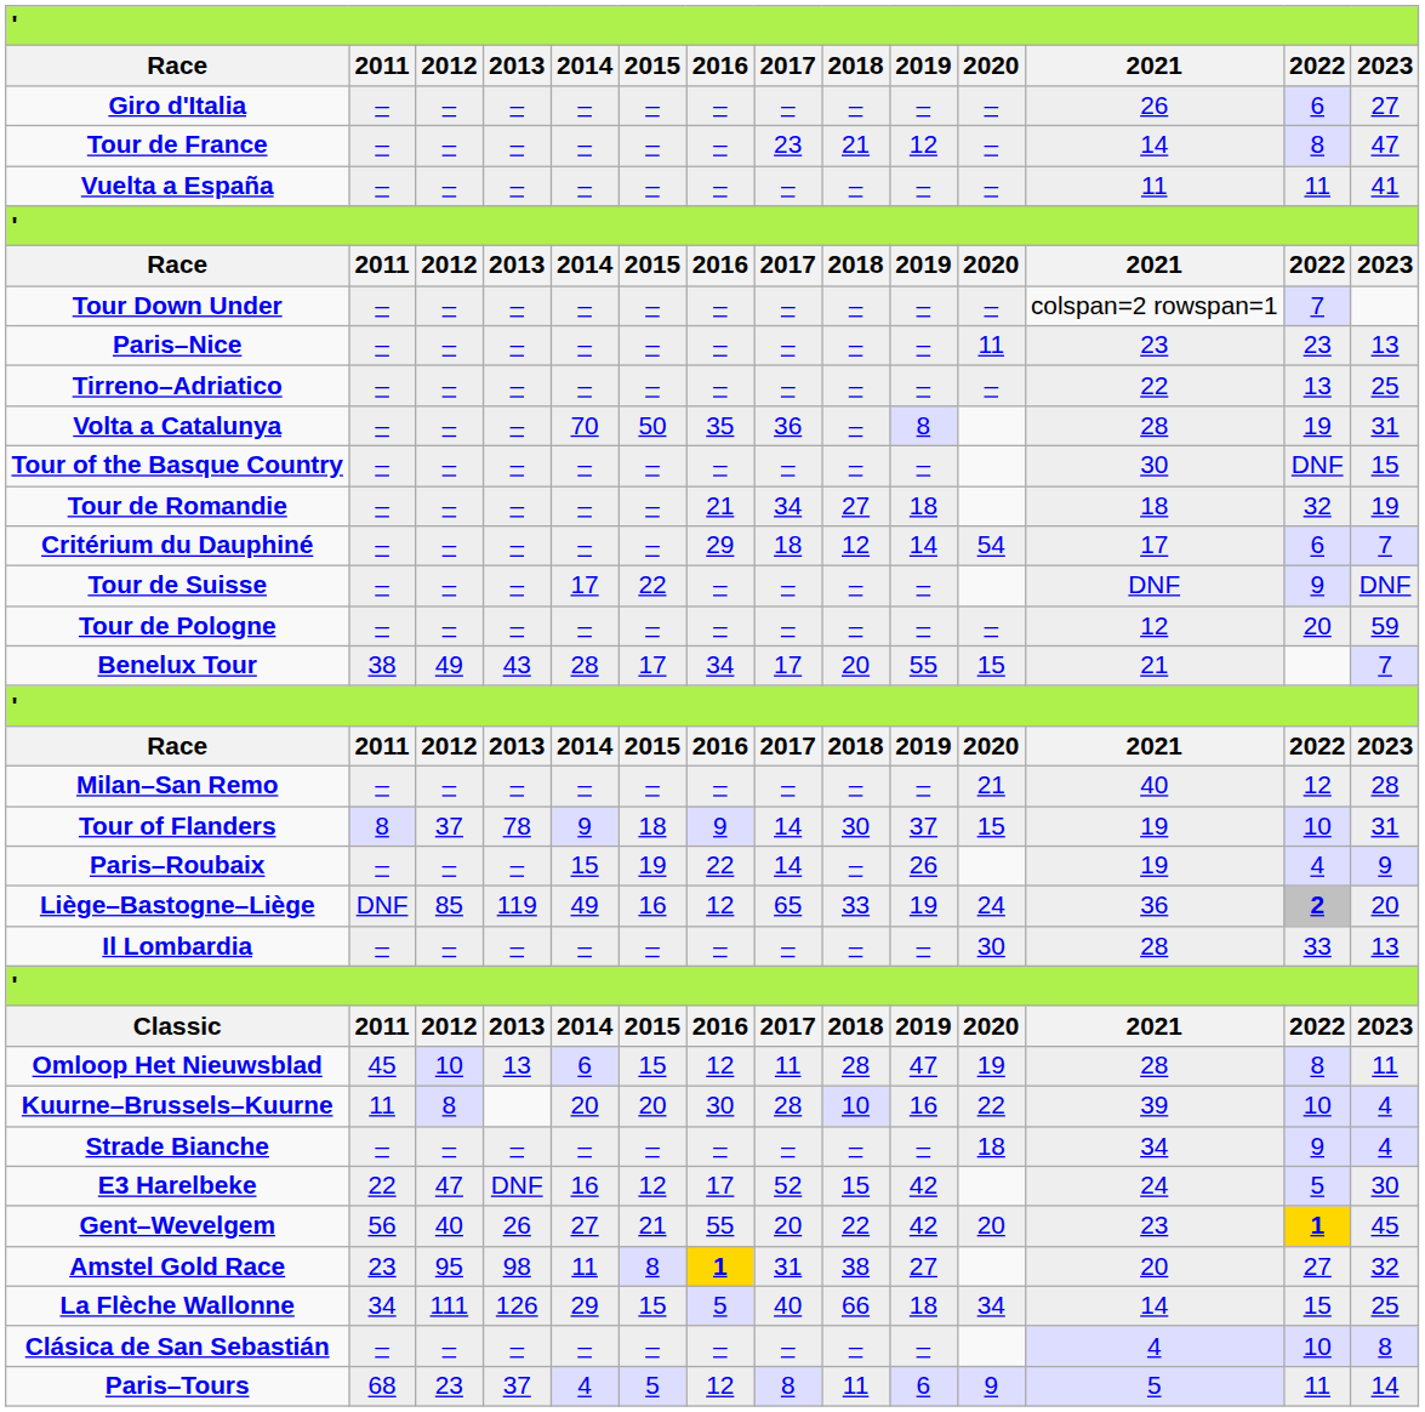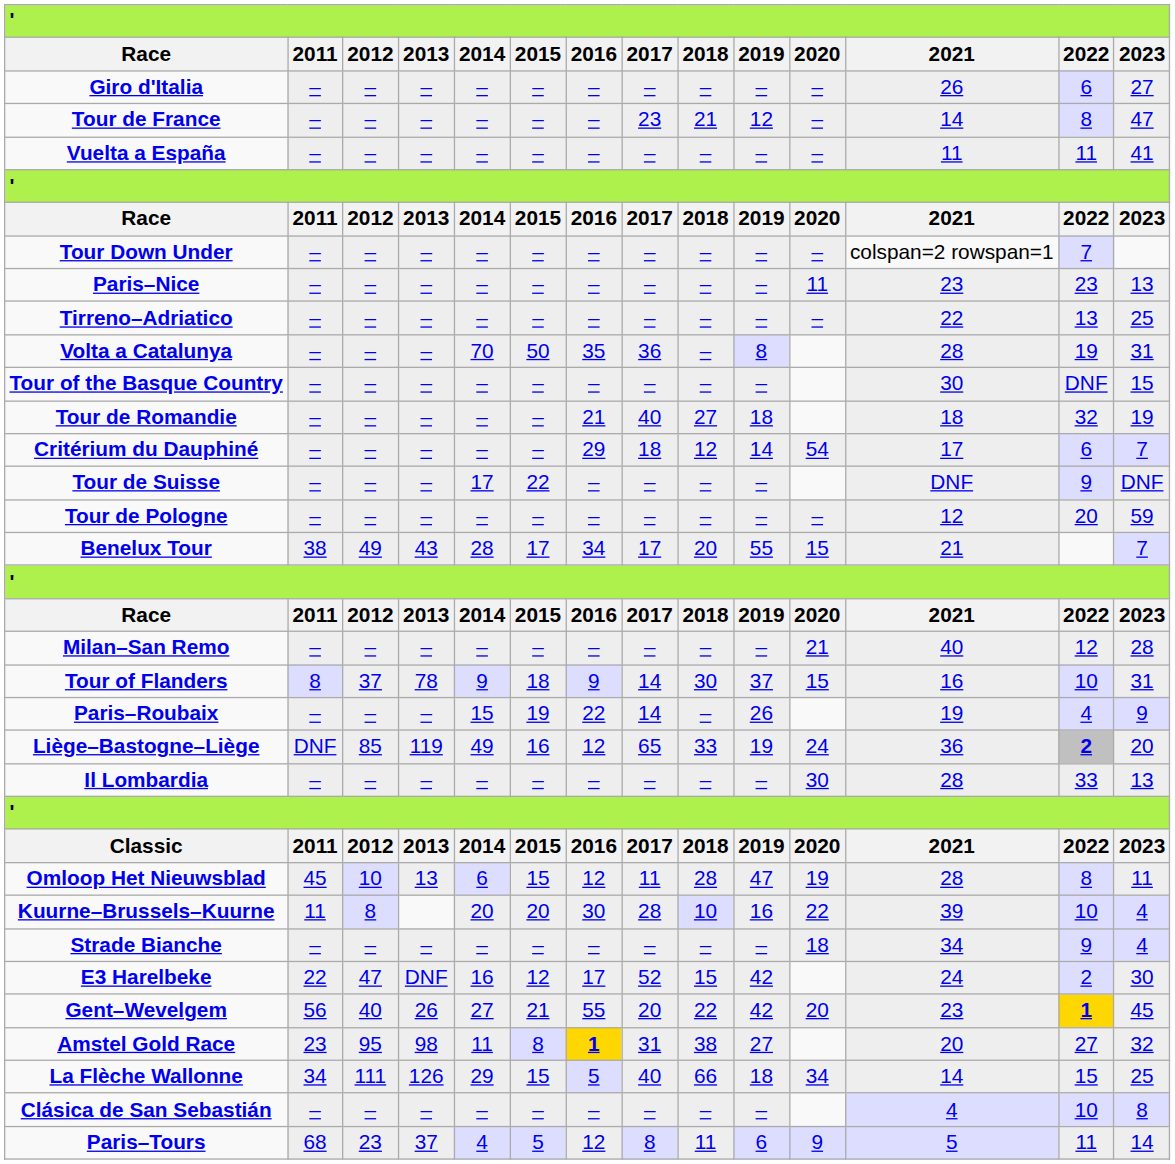 <table class="wikitable">
 <tr style="background:#eee;">
 <td style="background:#aff14c;" colspan=15><strong>'</strong></td>
 </tr>
 <tr>
 <th>Race</th>
 <th>2011</th>
 <th>2012</th>
 <th>2013</th>
 <th>2014</th>
 <th>2015</th>
 <th>2016</th>
 <th>2017</th>
 <th>2018</th>
 <th>2019</th>
 <th>2020</th>
 <th>2021</th>
 <th>2022</th>
 <th>2023</th>
 </tr>
 <tr align="center">
 <td><strong><a href='#'>Giro d'Italia</a></strong></td>
 <td style="background:#eee;"><a href='#'>–</a></td>
 <td style="background:#eee;"><a href='#'>–</a></td>
 <td style="background:#eee;"><a href='#'>–</a></td>
 <td style="background:#eee;"><a href='#'>–</a></td>
 <td style="background:#eee;"><a href='#'>–</a></td>
 <td style="background:#eee;"><a href='#'>–</a></td>
 <td style="background:#eee;"><a href='#'>–</a></td>
 <td style="background:#eee;"><a href='#'>–</a></td>
 <td style="background:#eee;"><a href='#'>–</a></td>
 <td style="background:#eee;"><a href='#'>–</a></td>
 <td style="background:#eee;"><a href='#'>26</a></td>
 <td style="background:#ddf;"><a href='#'>6</a></td>
 <td style="background:#eee;"><a href='#'>27</a></td>
 </tr>
 <tr align="center">
 <td><strong><a href='#'>Tour de France</a></strong></td>
 <td style="background:#eee;"><a href='#'>–</a></td>
 <td style="background:#eee;"><a href='#'>–</a></td>
 <td style="background:#eee;"><a href='#'>–</a></td>
 <td style="background:#eee;"><a href='#'>–</a></td>
 <td style="background:#eee;"><a href='#'>–</a></td>
 <td style="background:#eee;"><a href='#'>–</a></td>
 <td style="background:#eee;"><a href='#'>23</a></td>
 <td style="background:#eee;"><a href='#'>21</a></td>
 <td style="background:#eee;"><a href='#'>12</a></td>
 <td style="background:#eee;"><a href='#'>–</a></td>
 <td style="background:#eee;"><a href='#'>14</a></td>
 <td style="background:#ddf;"><a href='#'>8</a></td>
 <td style="background:#eee;"><a href='#'>47</a></td>
 </tr>
 <tr align="center">
 <td><strong><a href='#'>Vuelta a España</a></strong></td>
 <td style="background:#eee;"><a href='#'>–</a></td>
 <td style="background:#eee;"><a href='#'>–</a></td>
 <td style="background:#eee;"><a href='#'>–</a></td>
 <td style="background:#eee;"><a href='#'>–</a></td>
 <td style="background:#eee;"><a href='#'>–</a></td>
 <td style="background:#eee;"><a href='#'>–</a></td>
 <td style="background:#eee;"><a href='#'>–</a></td>
 <td style="background:#eee;"><a href='#'>–</a></td>
 <td style="background:#eee;"><a href='#'>–</a></td>
 <td style="background:#eee;"><a href='#'>–</a></td>
 <td style="background:#eee;"><a href='#'>11</a></td>
 <td style="background:#eee;"><a href='#'>11</a></td>
 <td style="background:#eee;"><a href='#'>41</a></td>
 </tr>
 <tr>
 <td style="background:#aff14c;" colspan=15><strong>'</strong></td>
 </tr>
 <tr>
 <th>Race</th>
 <th>2011</th>
 <th>2012</th>
 <th>2013</th>
 <th>2014</th>
 <th>2015</th>
 <th>2016</th>
 <th>2017</th>
 <th>2018</th>
 <th>2019</th>
 <th>2020</th>
 <th>2021</th>
 <th>2022</th>
 <th>2023</th>
 </tr>
 <tr align="center">
 <td><strong><a href='#'>Tour Down Under</a></strong></td>
 <td style="background:#eee;"><a href='#'>–</a></td>
 <td style="background:#eee;"><a href='#'>–</a></td>
 <td style="background:#eee;"><a href='#'>–</a></td>
 <td style="background:#eee;"><a href='#'>–</a></td>
 <td style="background:#eee;"><a href='#'>–</a></td>
 <td style="background:#eee;"><a href='#'>–</a></td>
 <td style="background:#eee;"><a href='#'>–</a></td>
 <td style="background:#eee;"><a href='#'>–</a></td>
 <td style="background:#eee;"><a href='#'>–</a></td>
 <td style="background:#eee;"><a href='#'>–</a></td>
 <td>colspan=2 rowspan=1 </td>
 <td style="background:#ddf;"><a href='#'>7</a></td>
 </tr>
 <tr align="center">
 <td><strong><a href='#'>Paris–Nice</a></strong></td>
 <td style="background:#eee;"><a href='#'>–</a></td>
 <td style="background:#eee;"><a href='#'>–</a></td>
 <td style="background:#eee;"><a href='#'>–</a></td>
 <td style="background:#eee;"><a href='#'>–</a></td>
 <td style="background:#eee;"><a href='#'>–</a></td>
 <td style="background:#eee;"><a href='#'>–</a></td>
 <td style="background:#eee;"><a href='#'>–</a></td>
 <td style="background:#eee;"><a href='#'>–</a></td>
 <td style="background:#eee;"><a href='#'>–</a></td>
 <td style="background:#eee;"><a href='#'>11</a></td>
 <td style="background:#eee;"><a href='#'>23</a></td>
 <td style="background:#eee;"><a href='#'>23</a></td>
 <td style="background:#eee;"><a href='#'>13</a></td>
 </tr>
 <tr align="center">
 <td><strong><a href='#'>Tirreno–Adriatico</a></strong></td>
 <td style="background:#eee;"><a href='#'>–</a></td>
 <td style="background:#eee;"><a href='#'>–</a></td>
 <td style="background:#eee;"><a href='#'>–</a></td>
 <td style="background:#eee;"><a href='#'>–</a></td>
 <td style="background:#eee;"><a href='#'>–</a></td>
 <td style="background:#eee;"><a href='#'>–</a></td>
 <td style="background:#eee;"><a href='#'>–</a></td>
 <td style="background:#eee;"><a href='#'>–</a></td>
 <td style="background:#eee;"><a href='#'>–</a></td>
 <td style="background:#eee;"><a href='#'>–</a></td>
 <td style="background:#eee;"><a href='#'>22</a></td>
 <td style="background:#eee;"><a href='#'>13</a></td>
 <td style="background:#eee;"><a href='#'>25</a></td>
 </tr>
 <tr align="center">
 <td><strong><a href='#'>Volta a Catalunya</a></strong></td>
 <td style="background:#eee;"><a href='#'>–</a></td>
 <td style="background:#eee;"><a href='#'>–</a></td>
 <td style="background:#eee;"><a href='#'>–</a></td>
 <td style="background:#eee;"><a href='#'>70</a></td>
 <td style="background:#eee;"><a href='#'>50</a></td>
 <td style="background:#eee;"><a href='#'>35</a></td>
 <td style="background:#eee;"><a href='#'>36</a></td>
 <td style="background:#eee;"><a href='#'>–</a></td>
 <td style="background:#ddf;"><a href='#'>8</a></td>
 <td></td>
 <td style="background:#eee;"><a href='#'>28</a></td>
 <td style="background:#eee;"><a href='#'>19</a></td>
 <td style="background:#eee;"><a href='#'>31</a></td>
 </tr>
 <tr align="center">
 <td><strong><a href='#'>Tour of the Basque Country</a></strong></td>
 <td style="background:#eee;"><a href='#'>–</a></td>
 <td style="background:#eee;"><a href='#'>–</a></td>
 <td style="background:#eee;"><a href='#'>–</a></td>
 <td style="background:#eee;"><a href='#'>–</a></td>
 <td style="background:#eee;"><a href='#'>–</a></td>
 <td style="background:#eee;"><a href='#'>–</a></td>
 <td style="background:#eee;"><a href='#'>–</a></td>
 <td style="background:#eee;"><a href='#'>–</a></td>
 <td style="background:#eee;"><a href='#'>–</a></td>
 <td></td>
 <td style="background:#eee;"><a href='#'>30</a></td>
 <td style="background:#eee;"><a href='#'>DNF</a></td>
 <td style="background:#eee;"><a href='#'>15</a></td>
 </tr>
 <tr align="center">
 <td><strong><a href='#'>Tour de Romandie</a></strong></td>
 <td style="background:#eee;"><a href='#'>–</a></td>
 <td style="background:#eee;"><a href='#'>–</a></td>
 <td style="background:#eee;"><a href='#'>–</a></td>
 <td style="background:#eee;"><a href='#'>–</a></td>
 <td style="background:#eee;"><a href='#'>–</a></td>
 <td style="background:#eee;"><a href='#'>21</a></td>
-<td style="background:#eee;"><a href='#'>34</a></td>
+<td style="background:#eee;"><a href='#'>40</a></td>
 <td style="background:#eee;"><a href='#'>27</a></td>
 <td style="background:#eee;"><a href='#'>18</a></td>
 <td></td>
 <td style="background:#eee;"><a href='#'>18</a></td>
 <td style="background:#eee;"><a href='#'>32</a></td>
 <td style="background:#eee;"><a href='#'>19</a></td>
 </tr>
 <tr align="center">
 <td><strong><a href='#'>Critérium du Dauphiné</a></strong></td>
 <td style="background:#eee;"><a href='#'>–</a></td>
 <td style="background:#eee;"><a href='#'>–</a></td>
 <td style="background:#eee;"><a href='#'>–</a></td>
 <td style="background:#eee;"><a href='#'>–</a></td>
 <td style="background:#eee;"><a href='#'>–</a></td>
 <td style="background:#eee;"><a href='#'>29</a></td>
 <td style="background:#eee;"><a href='#'>18</a></td>
 <td style="background:#eee;"><a href='#'>12</a></td>
 <td style="background:#eee;"><a href='#'>14</a></td>
 <td style="background:#eee;"><a href='#'>54</a></td>
 <td style="background:#eee;"><a href='#'>17</a></td>
 <td style="background:#ddf;"><a href='#'>6</a></td>
 <td style="background:#ddf;"><a href='#'>7</a></td>
 </tr>
 <tr align="center">
 <td><strong><a href='#'>Tour de Suisse</a></strong></td>
 <td style="background:#eee;"><a href='#'>–</a></td>
 <td style="background:#eee;"><a href='#'>–</a></td>
 <td style="background:#eee;"><a href='#'>–</a></td>
 <td style="background:#eee;"><a href='#'>17</a></td>
 <td style="background:#eee;"><a href='#'>22</a></td>
 <td style="background:#eee;"><a href='#'>–</a></td>
 <td style="background:#eee;"><a href='#'>–</a></td>
 <td style="background:#eee;"><a href='#'>–</a></td>
 <td style="background:#eee;"><a href='#'>–</a></td>
 <td></td>
 <td style="background:#eee;"><a href='#'>DNF</a></td>
 <td style="background:#ddf;"><a href='#'>9</a></td>
 <td style="background:#eee;"><a href='#'>DNF</a></td>
 </tr>
 <tr align="center">
 <td><strong><a href='#'>Tour de Pologne</a></strong></td>
 <td style="background:#eee;"><a href='#'>–</a></td>
 <td style="background:#eee;"><a href='#'>–</a></td>
 <td style="background:#eee;"><a href='#'>–</a></td>
 <td style="background:#eee;"><a href='#'>–</a></td>
 <td style="background:#eee;"><a href='#'>–</a></td>
 <td style="background:#eee;"><a href='#'>–</a></td>
 <td style="background:#eee;"><a href='#'>–</a></td>
 <td style="background:#eee;"><a href='#'>–</a></td>
 <td style="background:#eee;"><a href='#'>–</a></td>
 <td style="background:#eee;"><a href='#'>–</a></td>
 <td style="background:#eee;"><a href='#'>12</a></td>
 <td style="background:#eee;"><a href='#'>20</a></td>
 <td style="background:#eee;"><a href='#'>59</a></td>
 </tr>
 <tr align="center">
 <td><strong><a href='#'>Benelux Tour</a></strong></td>
 <td style="background:#eee;"><a href='#'>38</a></td>
 <td style="background:#eee;"><a href='#'>49</a></td>
 <td style="background:#eee;"><a href='#'>43</a></td>
 <td style="background:#eee;"><a href='#'>28</a></td>
 <td style="background:#eee;"><a href='#'>17</a></td>
 <td style="background:#eee;"><a href='#'>34</a></td>
 <td style="background:#eee;"><a href='#'>17</a></td>
 <td style="background:#eee;"><a href='#'>20</a></td>
 <td style="background:#eee;"><a href='#'>55</a></td>
 <td style="background:#eee;"><a href='#'>15</a></td>
 <td style="background:#eee;"><a href='#'>21</a></td>
 <td></td>
 <td style="background:#ddf;"><a href='#'>7</a></td>
 </tr>
 <tr>
 <td style="background:#aff14c;" colspan=15><strong>'</strong></td>
 </tr>
 <tr>
 <th>Race</th>
 <th>2011</th>
 <th>2012</th>
 <th>2013</th>
 <th>2014</th>
 <th>2015</th>
 <th>2016</th>
 <th>2017</th>
 <th>2018</th>
 <th>2019</th>
 <th>2020</th>
 <th>2021</th>
 <th>2022</th>
 <th>2023</th>
 </tr>
 <tr align="center">
 <td><strong><a href='#'>Milan–San Remo</a></strong></td>
 <td style="background:#eee;"><a href='#'>–</a></td>
 <td style="background:#eee;"><a href='#'>–</a></td>
 <td style="background:#eee;"><a href='#'>–</a></td>
 <td style="background:#eee;"><a href='#'>–</a></td>
 <td style="background:#eee;"><a href='#'>–</a></td>
 <td style="background:#eee;"><a href='#'>–</a></td>
 <td style="background:#eee;"><a href='#'>–</a></td>
 <td style="background:#eee;"><a href='#'>–</a></td>
 <td style="background:#eee;"><a href='#'>–</a></td>
 <td style="background:#eee;"><a href='#'>21</a></td>
 <td style="background:#eee;"><a href='#'>40</a></td>
 <td style="background:#eee;"><a href='#'>12</a></td>
 <td style="background:#eee;"><a href='#'>28</a></td>
 </tr>
 <tr align="center">
 <td><strong><a href='#'>Tour of Flanders</a></strong></td>
 <td style="background:#ddf;"><a href='#'>8</a></td>
 <td style="background:#eee;"><a href='#'>37</a></td>
 <td style="background:#eee;"><a href='#'>78</a></td>
 <td style="background:#ddf;"><a href='#'>9</a></td>
 <td style="background:#eee;"><a href='#'>18</a></td>
 <td style="background:#ddf;"><a href='#'>9</a></td>
 <td style="background:#eee;"><a href='#'>14</a></td>
 <td style="background:#eee;"><a href='#'>30</a></td>
 <td style="background:#eee;"><a href='#'>37</a></td>
 <td style="background:#eee;"><a href='#'>15</a></td>
-<td style="background:#eee;"><a href='#'>19</a></td>
+<td style="background:#eee;"><a href='#'>16</a></td>
 <td style="background:#ddf;"><a href='#'>10</a></td>
 <td style="background:#eee;"><a href='#'>31</a></td>
 </tr>
 <tr align="center">
 <td><strong><a href='#'>Paris–Roubaix</a></strong></td>
 <td style="background:#eee;"><a href='#'>–</a></td>
 <td style="background:#eee;"><a href='#'>–</a></td>
 <td style="background:#eee;"><a href='#'>–</a></td>
 <td style="background:#eee;"><a href='#'>15</a></td>
 <td style="background:#eee;"><a href='#'>19</a></td>
 <td style="background:#eee;"><a href='#'>22</a></td>
 <td style="background:#eee;"><a href='#'>14</a></td>
 <td style="background:#eee;"><a href='#'>–</a></td>
 <td style="background:#eee;"><a href='#'>26</a></td>
 <td></td>
 <td style="background:#eee;"><a href='#'>19</a></td>
 <td style="background:#ddf;"><a href='#'>4</a></td>
 <td style="background:#ddf;"><a href='#'>9</a></td>
 </tr>
 <tr align="center">
 <td><strong><a href='#'>Liège–Bastogne–Liège</a></strong></td>
 <td style="background:#eee;"><a href='#'>DNF</a></td>
 <td style="background:#eee;"><a href='#'>85</a></td>
 <td style="background:#eee;"><a href='#'>119</a></td>
 <td style="background:#eee;"><a href='#'>49</a></td>
 <td style="background:#eee;"><a href='#'>16</a></td>
 <td style="background:#eee;"><a href='#'>12</a></td>
 <td style="background:#eee;"><a href='#'>65</a></td>
 <td style="background:#eee;"><a href='#'>33</a></td>
 <td style="background:#eee;"><a href='#'>19</a></td>
 <td style="background:#eee;"><a href='#'>24</a></td>
 <td style="background:#eee;"><a href='#'>36</a></td>
 <td style="background:silver;"><a href='#'><strong>2</strong></a></td>
 <td style="background:#eee;"><a href='#'>20</a></td>
 </tr>
 <tr align="center">
 <td><strong><a href='#'>Il Lombardia</a></strong></td>
 <td style="background:#eee;"><a href='#'>–</a></td>
 <td style="background:#eee;"><a href='#'>–</a></td>
 <td style="background:#eee;"><a href='#'>–</a></td>
 <td style="background:#eee;"><a href='#'>–</a></td>
 <td style="background:#eee;"><a href='#'>–</a></td>
 <td style="background:#eee;"><a href='#'>–</a></td>
 <td style="background:#eee;"><a href='#'>–</a></td>
 <td style="background:#eee;"><a href='#'>–</a></td>
 <td style="background:#eee;"><a href='#'>–</a></td>
 <td style="background:#eee;"><a href='#'>30</a></td>
 <td style="background:#eee;"><a href='#'>28</a></td>
 <td style="background:#eee;"><a href='#'>33</a></td>
 <td style="background:#eee;"><a href='#'>13</a></td>
 </tr>
 <tr>
 <td style="background:#aff14c;" colspan=15><strong>'</strong></td>
 </tr>
 <tr>
 <th>Classic</th>
 <th>2011</th>
 <th>2012</th>
 <th>2013</th>
 <th>2014</th>
 <th>2015</th>
 <th>2016</th>
 <th>2017</th>
 <th>2018</th>
 <th>2019</th>
 <th>2020</th>
 <th>2021</th>
 <th>2022</th>
 <th>2023</th>
 </tr>
 <tr align="center">
 <td><strong><a href='#'>Omloop Het Nieuwsblad</a></strong></td>
 <td style="background:#eee;"><a href='#'>45</a></td>
 <td style="background:#ddf;"><a href='#'>10</a></td>
 <td style="background:#eee;"><a href='#'>13</a></td>
 <td style="background:#ddf;"><a href='#'>6</a></td>
 <td style="background:#eee;"><a href='#'>15</a></td>
 <td style="background:#eee;"><a href='#'>12</a></td>
 <td style="background:#eee;"><a href='#'>11</a></td>
 <td style="background:#eee;"><a href='#'>28</a></td>
 <td style="background:#eee;"><a href='#'>47</a></td>
 <td style="background:#eee;"><a href='#'>19</a></td>
 <td style="background:#eee;"><a href='#'>28</a></td>
 <td style="background:#ddf;"><a href='#'>8</a></td>
 <td style="background:#eee;"><a href='#'>11</a></td>
 </tr>
 <tr align="center">
 <td><strong><a href='#'>Kuurne–Brussels–Kuurne</a></strong></td>
 <td style="background:#eee;"><a href='#'>11</a></td>
 <td style="background:#ddf;"><a href='#'>8</a></td>
 <td></td>
 <td style="background:#eee;"><a href='#'>20</a></td>
 <td style="background:#eee;"><a href='#'>20</a></td>
 <td style="background:#eee;"><a href='#'>30</a></td>
 <td style="background:#eee;"><a href='#'>28</a></td>
 <td style="background:#ddf;"><a href='#'>10</a></td>
 <td style="background:#eee;"><a href='#'>16</a></td>
 <td style="background:#eee;"><a href='#'>22</a></td>
 <td style="background:#eee;"><a href='#'>39</a></td>
 <td style="background:#ddf;"><a href='#'>10</a></td>
 <td style="background:#ddf;"><a href='#'>4</a></td>
 </tr>
 <tr align="center">
 <td><strong><a href='#'>Strade Bianche</a></strong></td>
 <td style="background:#eee;"><a href='#'>–</a></td>
 <td style="background:#eee;"><a href='#'>–</a></td>
 <td style="background:#eee;"><a href='#'>–</a></td>
 <td style="background:#eee;"><a href='#'>–</a></td>
 <td style="background:#eee;"><a href='#'>–</a></td>
 <td style="background:#eee;"><a href='#'>–</a></td>
 <td style="background:#eee;"><a href='#'>–</a></td>
 <td style="background:#eee;"><a href='#'>–</a></td>
 <td style="background:#eee;"><a href='#'>–</a></td>
 <td style="background:#eee;"><a href='#'>18</a></td>
 <td style="background:#eee;"><a href='#'>34</a></td>
 <td style="background:#ddf;"><a href='#'>9</a></td>
 <td style="background:#ddf;"><a href='#'>4</a></td>
 </tr>
 <tr align="center">
 <td><strong><a href='#'>E3 Harelbeke</a></strong></td>
 <td style="background:#eee;"><a href='#'>22</a></td>
 <td style="background:#eee;"><a href='#'>47</a></td>
 <td style="background:#eee;"><a href='#'>DNF</a></td>
 <td style="background:#eee;"><a href='#'>16</a></td>
 <td style="background:#eee;"><a href='#'>12</a></td>
 <td style="background:#eee;"><a href='#'>17</a></td>
 <td style="background:#eee;"><a href='#'>52</a></td>
 <td style="background:#eee;"><a href='#'>15</a></td>
 <td style="background:#eee;"><a href='#'>42</a></td>
 <td></td>
 <td style="background:#eee;"><a href='#'>24</a></td>
-<td style="background:#ddf;"><a href='#'>5</a></td>
+<td style="background:#ddf;"><a href='#'>2</a></td>
 <td style="background:#eee;"><a href='#'>30</a></td>
 </tr>
 <tr align="center">
 <td><strong><a href='#'>Gent–Wevelgem</a></strong></td>
 <td style="background:#eee;"><a href='#'>56</a></td>
 <td style="background:#eee;"><a href='#'>40</a></td>
 <td style="background:#eee;"><a href='#'>26</a></td>
 <td style="background:#eee;"><a href='#'>27</a></td>
 <td style="background:#eee;"><a href='#'>21</a></td>
 <td style="background:#eee;"><a href='#'>55</a></td>
 <td style="background:#eee;"><a href='#'>20</a></td>
 <td style="background:#eee;"><a href='#'>22</a></td>
 <td style="background:#eee;"><a href='#'>42</a></td>
 <td style="background:#eee;"><a href='#'>20</a></td>
 <td style="background:#eee;"><a href='#'>23</a></td>
 <td style="background:gold;"><a href='#'><strong>1</strong></a></td>
 <td style="background:#eee;"><a href='#'>45</a></td>
 </tr>
 <tr align="center">
 <td><strong><a href='#'>Amstel Gold Race</a></strong></td>
 <td style="background:#eee;"><a href='#'>23</a></td>
 <td style="background:#eee;"><a href='#'>95</a></td>
 <td style="background:#eee;"><a href='#'>98</a></td>
 <td style="background:#eee;"><a href='#'>11</a></td>
 <td style="background:#ddf;"><a href='#'>8</a></td>
 <td style="background:gold;"><a href='#'><strong>1</strong></a></td>
 <td style="background:#eee;"><a href='#'>31</a></td>
 <td style="background:#eee;"><a href='#'>38</a></td>
 <td style="background:#eee;"><a href='#'>27</a></td>
 <td></td>
 <td style="background:#eee;"><a href='#'>20</a></td>
 <td style="background:#eee;"><a href='#'>27</a></td>
 <td style="background:#eee;"><a href='#'>32</a></td>
 </tr>
 <tr align="center">
 <td><strong><a href='#'>La Flèche Wallonne</a></strong></td>
 <td style="background:#eee;"><a href='#'>34</a></td>
 <td style="background:#eee;"><a href='#'>111</a></td>
 <td style="background:#eee;"><a href='#'>126</a></td>
 <td style="background:#eee;"><a href='#'>29</a></td>
 <td style="background:#eee;"><a href='#'>15</a></td>
 <td style="background:#ddf;"><a href='#'>5</a></td>
 <td style="background:#eee;"><a href='#'>40</a></td>
 <td style="background:#eee;"><a href='#'>66</a></td>
 <td style="background:#eee;"><a href='#'>18</a></td>
 <td style="background:#eee;"><a href='#'>34</a></td>
 <td style="background:#eee;"><a href='#'>14</a></td>
 <td style="background:#eee;"><a href='#'>15</a></td>
 <td style="background:#eee;"><a href='#'>25</a></td>
 </tr>
 <tr align="center">
 <td><strong><a href='#'>Clásica de San Sebastián</a></strong></td>
 <td style="background:#eee;"><a href='#'>–</a></td>
 <td style="background:#eee;"><a href='#'>–</a></td>
 <td style="background:#eee;"><a href='#'>–</a></td>
 <td style="background:#eee;"><a href='#'>–</a></td>
 <td style="background:#eee;"><a href='#'>–</a></td>
 <td style="background:#eee;"><a href='#'>–</a></td>
 <td style="background:#eee;"><a href='#'>–</a></td>
 <td style="background:#eee;"><a href='#'>–</a></td>
 <td style="background:#eee;"><a href='#'>–</a></td>
 <td></td>
 <td style="background:#ddf;"><a href='#'>4</a></td>
 <td style="background:#ddf;"><a href='#'>10</a></td>
 <td style="background:#ddf;"><a href='#'>8</a></td>
 </tr>
 <tr align="center">
 <td><strong><a href='#'>Paris–Tours</a></strong></td>
 <td style="background:#eee;"><a href='#'>68</a></td>
 <td style="background:#eee;"><a href='#'>23</a></td>
 <td style="background:#eee;"><a href='#'>37</a></td>
 <td style="background:#ddf;"><a href='#'>4</a></td>
 <td style="background:#ddf;"><a href='#'>5</a></td>
 <td style="background:#eee;"><a href='#'>12</a></td>
 <td style="background:#ddf;"><a href='#'>8</a></td>
 <td style="background:#eee;"><a href='#'>11</a></td>
 <td style="background:#ddf;"><a href='#'>6</a></td>
 <td style="background:#ddf;"><a href='#'>9</a></td>
 <td style="background:#ddf;"><a href='#'>5</a></td>
 <td style="background:#eee;"><a href='#'>11</a></td>
 <td style="background:#eee;"><a href='#'>14</a></td>
 </tr>
 </table>
